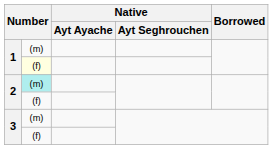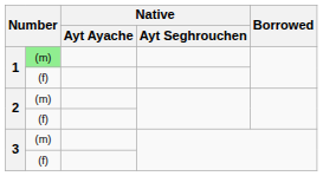 <table class="wikitable" style="text-align:center;">
 <tr>
 <th rowspan="2" colspan="2">Number</th>
 <th colspan="2">Native</th>
 <th rowspan="2">Borrowed</th>
 </tr>
 <tr>
 <th>Ayt Ayache</th>
 <th>Ayt Seghrouchen</th>
 </tr>
 <tr>
 <th rowspan="2">1</th>
-<td><small>(m)</small></td>
+<td style="background: lightgreen;"><small>(m)</small></td>
 <td></td>
 <td></td>
 <td rowspan="2"></td>
 </tr>
 <tr>
-<td style="background: lightyellow;"><small>(f)</small></td>
+<td><small>(f)</small></td>
 <td></td>
 <td></td>
 </tr>
 <tr>
 <th rowspan="2">2</th>
-<td style="background: paleturquoise;"><small>(m)</small></td>
+<td><small>(m)</small></td>
 <td></td>
 <td rowspan="2"></td>
 <td rowspan="2"></td>
 </tr>
 <tr>
 <td><small>(f)</small></td>
 <td></td>
 </tr>
 <tr>
 <th rowspan="2">3</th>
 <td><small>(m)</small></td>
 <td></td>
 <td rowspan="2" colspan="2"></td>
 </tr>
 <tr>
 <td><small>(f)</small></td>
 <td></td>
 </tr>
 </table>
